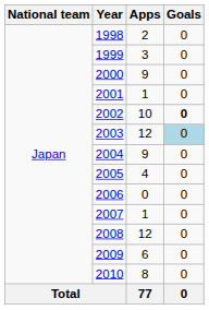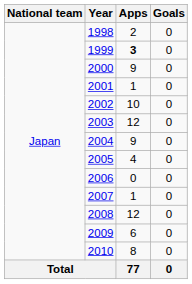 <table class="wikitable" style="text-align:center">
 <tr>
 <th>National team</th>
 <th>Year</th>
 <th>Apps</th>
 <th>Goals</th>
 </tr>
 <tr>
 <td rowspan="13"><a href='#'>Japan</a></td>
 <td><a href='#'>1998</a></td>
 <td>2</td>
 <td>0</td>
 </tr>
 <tr>
 <td><a href='#'>1999</a></td>
-<td>3</td>
+<td><strong>3</strong></td>
 <td>0</td>
 </tr>
 <tr>
 <td><a href='#'>2000</a></td>
 <td>9</td>
 <td>0</td>
 </tr>
 <tr>
 <td><a href='#'>2001</a></td>
 <td>1</td>
 <td>0</td>
 </tr>
 <tr>
 <td><a href='#'>2002</a></td>
 <td>10</td>
-<td><strong>0</strong></td>
+<td>0</td>
 </tr>
 <tr>
 <td><a href='#'>2003</a></td>
 <td>12</td>
-<td style="background: lightblue;">0</td>
+<td>0</td>
 </tr>
 <tr>
 <td><a href='#'>2004</a></td>
 <td>9</td>
 <td>0</td>
 </tr>
 <tr>
 <td><a href='#'>2005</a></td>
 <td>4</td>
 <td>0</td>
 </tr>
 <tr>
 <td><a href='#'>2006</a></td>
 <td>0</td>
 <td>0</td>
 </tr>
 <tr>
 <td><a href='#'>2007</a></td>
 <td>1</td>
 <td>0</td>
 </tr>
 <tr>
 <td><a href='#'>2008</a></td>
 <td>12</td>
 <td>0</td>
 </tr>
 <tr>
 <td><a href='#'>2009</a></td>
 <td>6</td>
 <td>0</td>
 </tr>
 <tr>
 <td><a href='#'>2010</a></td>
 <td>8</td>
 <td>0</td>
 </tr>
 <tr>
 <th colspan="2">Total</th>
 <th>77</th>
 <th>0</th>
 </tr>
 </table>
